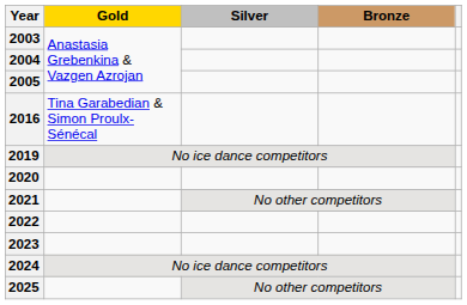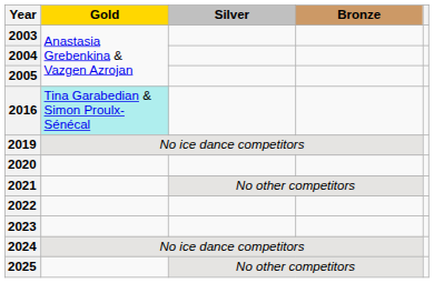 <table class="wikitable unsortable" style="text-align:left; width:85%">
 <tr>
 <th scope="col" style="text-align:center">Year</th>
 <th scope="col" style="text-align:center; width:30%; background:gold">Gold</th>
 <th scope="col" style="text-align:center; width:30%; background:silver">Silver</th>
 <th scope="col" style="text-align:center; width:30%; background:#c96">Bronze</th>
 <th scope="col" style="text-align:center"></th>
 </tr>
 <tr>
 <th>2003</th>
 <td rowspan="3"><a href='#'>Anastasia Grebenkina</a> & <a href='#'>Vazgen Azrojan</a></td>
 <td></td>
 <td></td>
 <td></td>
 </tr>
 <tr>
 <th>2004</th>
 <td></td>
 <td></td>
 <td></td>
 </tr>
 <tr>
 <th>2005</th>
 <td></td>
 <td></td>
 <td></td>
 </tr>
 <tr>
 <th>2016</th>
-<td><a href='#'>Tina Garabedian</a> & <a href='#'>Simon Proulx-Sénécal</a></td>
+<td style="background: paleturquoise;"><a href='#'>Tina Garabedian</a> & <a href='#'>Simon Proulx-Sénécal</a></td>
 <td></td>
 <td></td>
 <td></td>
 </tr>
 <tr>
 <th scope="row" style="text-align:left">2019</th>
 <td colspan="3" align="center" bgcolor="e5e4e2"><em>No ice dance competitors</em></td>
 <td></td>
 </tr>
 <tr>
 <th style="text-align: left;">2020</th>
 <td></td>
 <td align="center"></td>
 <td align="center"></td>
 <td></td>
 </tr>
 <tr>
 <th scope="row" style="text-align:left">2021</th>
 <td></td>
 <td colspan="2" align="center" bgcolor="e5e4e2"><em>No other competitors</em></td>
 <td></td>
 </tr>
 <tr>
 <th style="text-align: left;">2022</th>
 <td align="center"></td>
 <td align="center"></td>
 <td align="center"></td>
 <td></td>
 </tr>
 <tr>
 <th style="text-align: left;">2023</th>
 <td align="center"></td>
 <td align="center"></td>
 <td align="center"></td>
 <td></td>
 </tr>
 <tr>
 <th scope="row" style="text-align:left">2024</th>
 <td colspan="3" align="center" bgcolor="e5e4e2"><em>No ice dance competitors</em></td>
 <td></td>
 </tr>
 <tr>
 <th scope="row" style="text-align:left">2025</th>
 <td></td>
 <td colspan="2" align="center" bgcolor="e5e4e2"><em>No other competitors</em></td>
 <td></td>
 </tr>
 </table>
